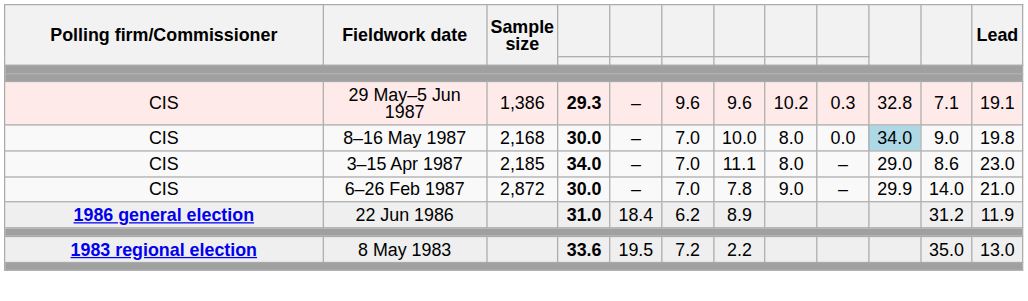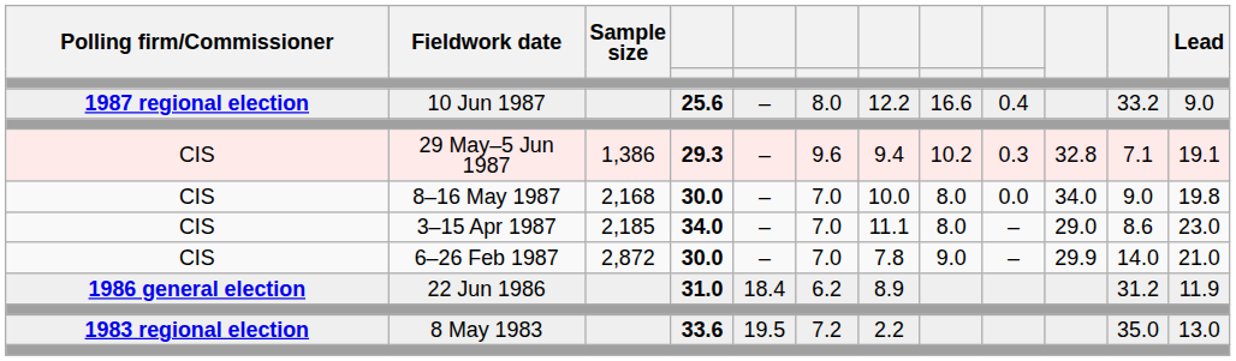 <table class="wikitable collapsible collapsed" style="text-align:center; font-size:90%; line-height:14px;">
 <tr style="height:42px;">
 <th style="width:250px;" rowspan="2">Polling firm/Commissioner</th>
 <th style="width:125px;" rowspan="2">Fieldwork date</th>
 <th style="width:50px;" rowspan="2">Sample size</th>
 <th style="width:35px;"></th>
 <th style="width:35px;"></th>
 <th style="width:35px;"></th>
 <th style="width:35px;"></th>
 <th style="width:35px;"></th>
 <th style="width:35px;"></th>
 <th style="width:35px;" rowspan="2"></th>
 <th style="width:35px;" rowspan="2"></th>
 <th style="width:30px;" rowspan="2">Lead</th>
 </tr>
 <tr>
 <th style="color:inherit;background:"></th>
 <th style="color:inherit;background:"></th>
 <th style="color:inherit;background:"></th>
 <th style="color:inherit;background:"></th>
 <th style="color:inherit;background:"></th>
 <th style="color:inherit;background:"></th>
 </tr>
 <tr>
 <td colspan="12" style="background:#A0A0A0"></td>
 </tr>
+<tr style="background:#EFEFEF;">
+<td><strong><a href='#'>1987 regional election</a></strong></td>
+<td>10 Jun 1987</td>
+<td></td>
+<td><strong>25.6</strong></td>
+<td>–</td>
+<td>8.0</td>
+<td>12.2</td>
+<td>16.6</td>
+<td>0.4</td>
+<td></td>
+<td>33.2</td>
+<td style="background:">9.0</td>
+</tr>
 <tr>
 <td colspan="12" style="background:#A0A0A0"></td>
 </tr>
 <tr style="background:#FFEAEA;">
 <td>CIS</td>
 <td>29 May–5 Jun 1987</td>
 <td>1,386</td>
 <td><strong>29.3</strong></td>
 <td>–</td>
 <td>9.6</td>
-<td>9.6</td>
+<td>9.4</td>
 <td>10.2</td>
 <td>0.3</td>
 <td>32.8</td>
 <td>7.1</td>
 <td style="background:">19.1</td>
 </tr>
 <tr>
 <td>CIS</td>
 <td>8–16 May 1987</td>
 <td>2,168</td>
 <td><strong>30.0</strong></td>
 <td>–</td>
 <td>7.0</td>
 <td>10.0</td>
 <td>8.0</td>
 <td>0.0</td>
-<td style="background: lightblue;">34.0</td>
+<td>34.0</td>
 <td>9.0</td>
 <td style="background:">19.8</td>
 </tr>
 <tr>
 <td>CIS</td>
 <td>3–15 Apr 1987</td>
 <td>2,185</td>
 <td><strong>34.0</strong></td>
 <td>–</td>
 <td>7.0</td>
 <td>11.1</td>
 <td>8.0</td>
 <td>–</td>
 <td>29.0</td>
 <td>8.6</td>
 <td style="background:">23.0</td>
 </tr>
 <tr>
 <td>CIS</td>
 <td>6–26 Feb 1987</td>
 <td>2,872</td>
 <td><strong>30.0</strong></td>
 <td>–</td>
 <td>7.0</td>
 <td>7.8</td>
 <td>9.0</td>
 <td>–</td>
 <td>29.9</td>
 <td>14.0</td>
 <td style="background:">21.0</td>
 </tr>
 <tr style="background:#EFEFEF;">
 <td><strong><a href='#'>1986 general election</a></strong></td>
 <td>22 Jun 1986</td>
 <td></td>
 <td><strong>31.0</strong></td>
 <td>18.4</td>
 <td>6.2</td>
 <td>8.9</td>
 <td></td>
 <td></td>
 <td></td>
 <td>31.2</td>
 <td style="background:">11.9</td>
 </tr>
 <tr>
 <td colspan="12" style="background:#A0A0A0"></td>
 </tr>
 <tr style="background:#EFEFEF;">
 <td><strong><a href='#'>1983 regional election</a></strong></td>
 <td>8 May 1983</td>
 <td></td>
 <td><strong>33.6</strong></td>
 <td>19.5</td>
 <td>7.2</td>
 <td>2.2</td>
 <td></td>
 <td></td>
 <td></td>
 <td>35.0</td>
 <td style="background:">13.0</td>
 </tr>
 <tr>
 <td colspan="12" style="background:#A0A0A0"></td>
 </tr>
 </table>
